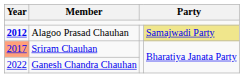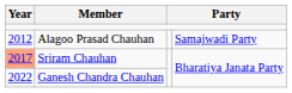 <table class="wikitable">
 <tr>
 <th>Year</th>
 <th>Member</th>
 <th colspan="2">Party</th>
 </tr>
 <tr>
 <td colspan="4"></td>
 </tr>
 <tr>
-<td><strong><a href='#'>2012</a></strong></td>
+<td><a href='#'>2012</a></td>
 <td>Alagoo Prasad Chauhan</td>
 <td style="background-color: "></td>
-<td style="background: khaki;"><a href='#'>Samajwadi Party</a></td>
+<td><a href='#'>Samajwadi Party</a></td>
 </tr>
 <tr>
 <td style="background: lightsalmon;"><a href='#'>2017</a></td>
 <td><a href='#'>Sriram Chauhan</a></td>
 <td rowspan="2" style="background-color: "></td>
 <td rowspan="2"><a href='#'>Bharatiya Janata Party</a></td>
 </tr>
 <tr>
 <td><a href='#'>2022</a></td>
 <td><a href='#'>Ganesh Chandra Chauhan</a></td>
 </tr>
 </table>
